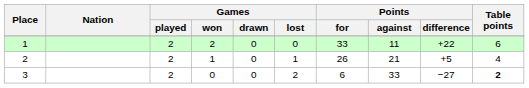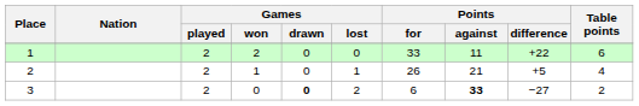 <table class="wikitable">
 <tr>
 <th rowspan=2 width="8%">Place</th>
 <th rowspan=2 width="20%">Nation</th>
 <th colspan=4 width="32%">Games</th>
 <th colspan=3 width="30%">Points</th>
 <th rowspan=2 width="10%">Table<br>points</th>
 </tr>
 <tr>
 <th width="8%">played</th>
 <th width="8%">won</th>
 <th width="8%">drawn</th>
 <th width="8%">lost</th>
 <th width="10%">for</th>
 <th width="10%">against</th>
 <th width="10%">difference</th>
 </tr>
 <tr>
 </tr>
 <tr bgcolor=#ccffcc align=center>
 <td>1</td>
 <td align=left><strong></strong></td>
 <td>2</td>
 <td>2</td>
 <td>0</td>
 <td>0</td>
 <td>33</td>
 <td>11</td>
 <td>+22</td>
 <td>6</td>
 </tr>
 <tr bgcolor=#ffffff align=center>
 <td>2</td>
 <td align=left></td>
 <td>2</td>
 <td>1</td>
 <td>0</td>
 <td>1</td>
 <td>26</td>
 <td>21</td>
 <td>+5</td>
 <td>4</td>
 </tr>
 <tr bgcolor=#ffffff align=center>
 <td>3</td>
 <td align=left></td>
 <td>2</td>
 <td>0</td>
-<td>0</td>
+<td><strong>0</strong></td>
 <td>2</td>
 <td>6</td>
-<td>33</td>
+<td><strong>33</strong></td>
 <td>−27</td>
-<td><strong>2</strong></td>
+<td>2</td>
 </tr>
 </table>
